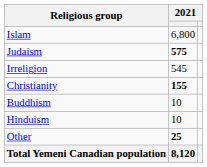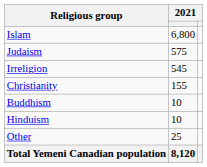 <table class="wikitable sortable">
 <tr>
 <th rowspan="2">Religious group</th>
 <th colspan="2">2021</th>
 </tr>
 <tr>
 <th><a href='#'></a></th>
 <th></th>
 </tr>
 <tr>
 <td><a href='#'>Islam</a></td>
 <td>6,800</td>
 <td></td>
 </tr>
 <tr>
 <td><a href='#'>Judaism</a></td>
-<td><strong>575</strong></td>
+<td>575</td>
 <td></td>
 </tr>
 <tr>
 <td><a href='#'>Irreligion</a></td>
 <td>545</td>
 <td></td>
 </tr>
 <tr>
 <td><a href='#'>Christianity</a></td>
-<td><strong>155</strong></td>
+<td>155</td>
 <td></td>
 </tr>
 <tr>
 <td><a href='#'>Buddhism</a></td>
 <td>10</td>
 <td></td>
 </tr>
 <tr>
 <td><a href='#'>Hinduism</a></td>
 <td>10</td>
 <td></td>
 </tr>
 <tr>
 <td><a href='#'>Other</a></td>
-<td><strong>25</strong></td>
+<td>25</td>
 <td></td>
 </tr>
 <tr>
 <th>Total Yemeni Canadian population</th>
 <th>8,120</th>
 <th></th>
 </tr>
 </table>
